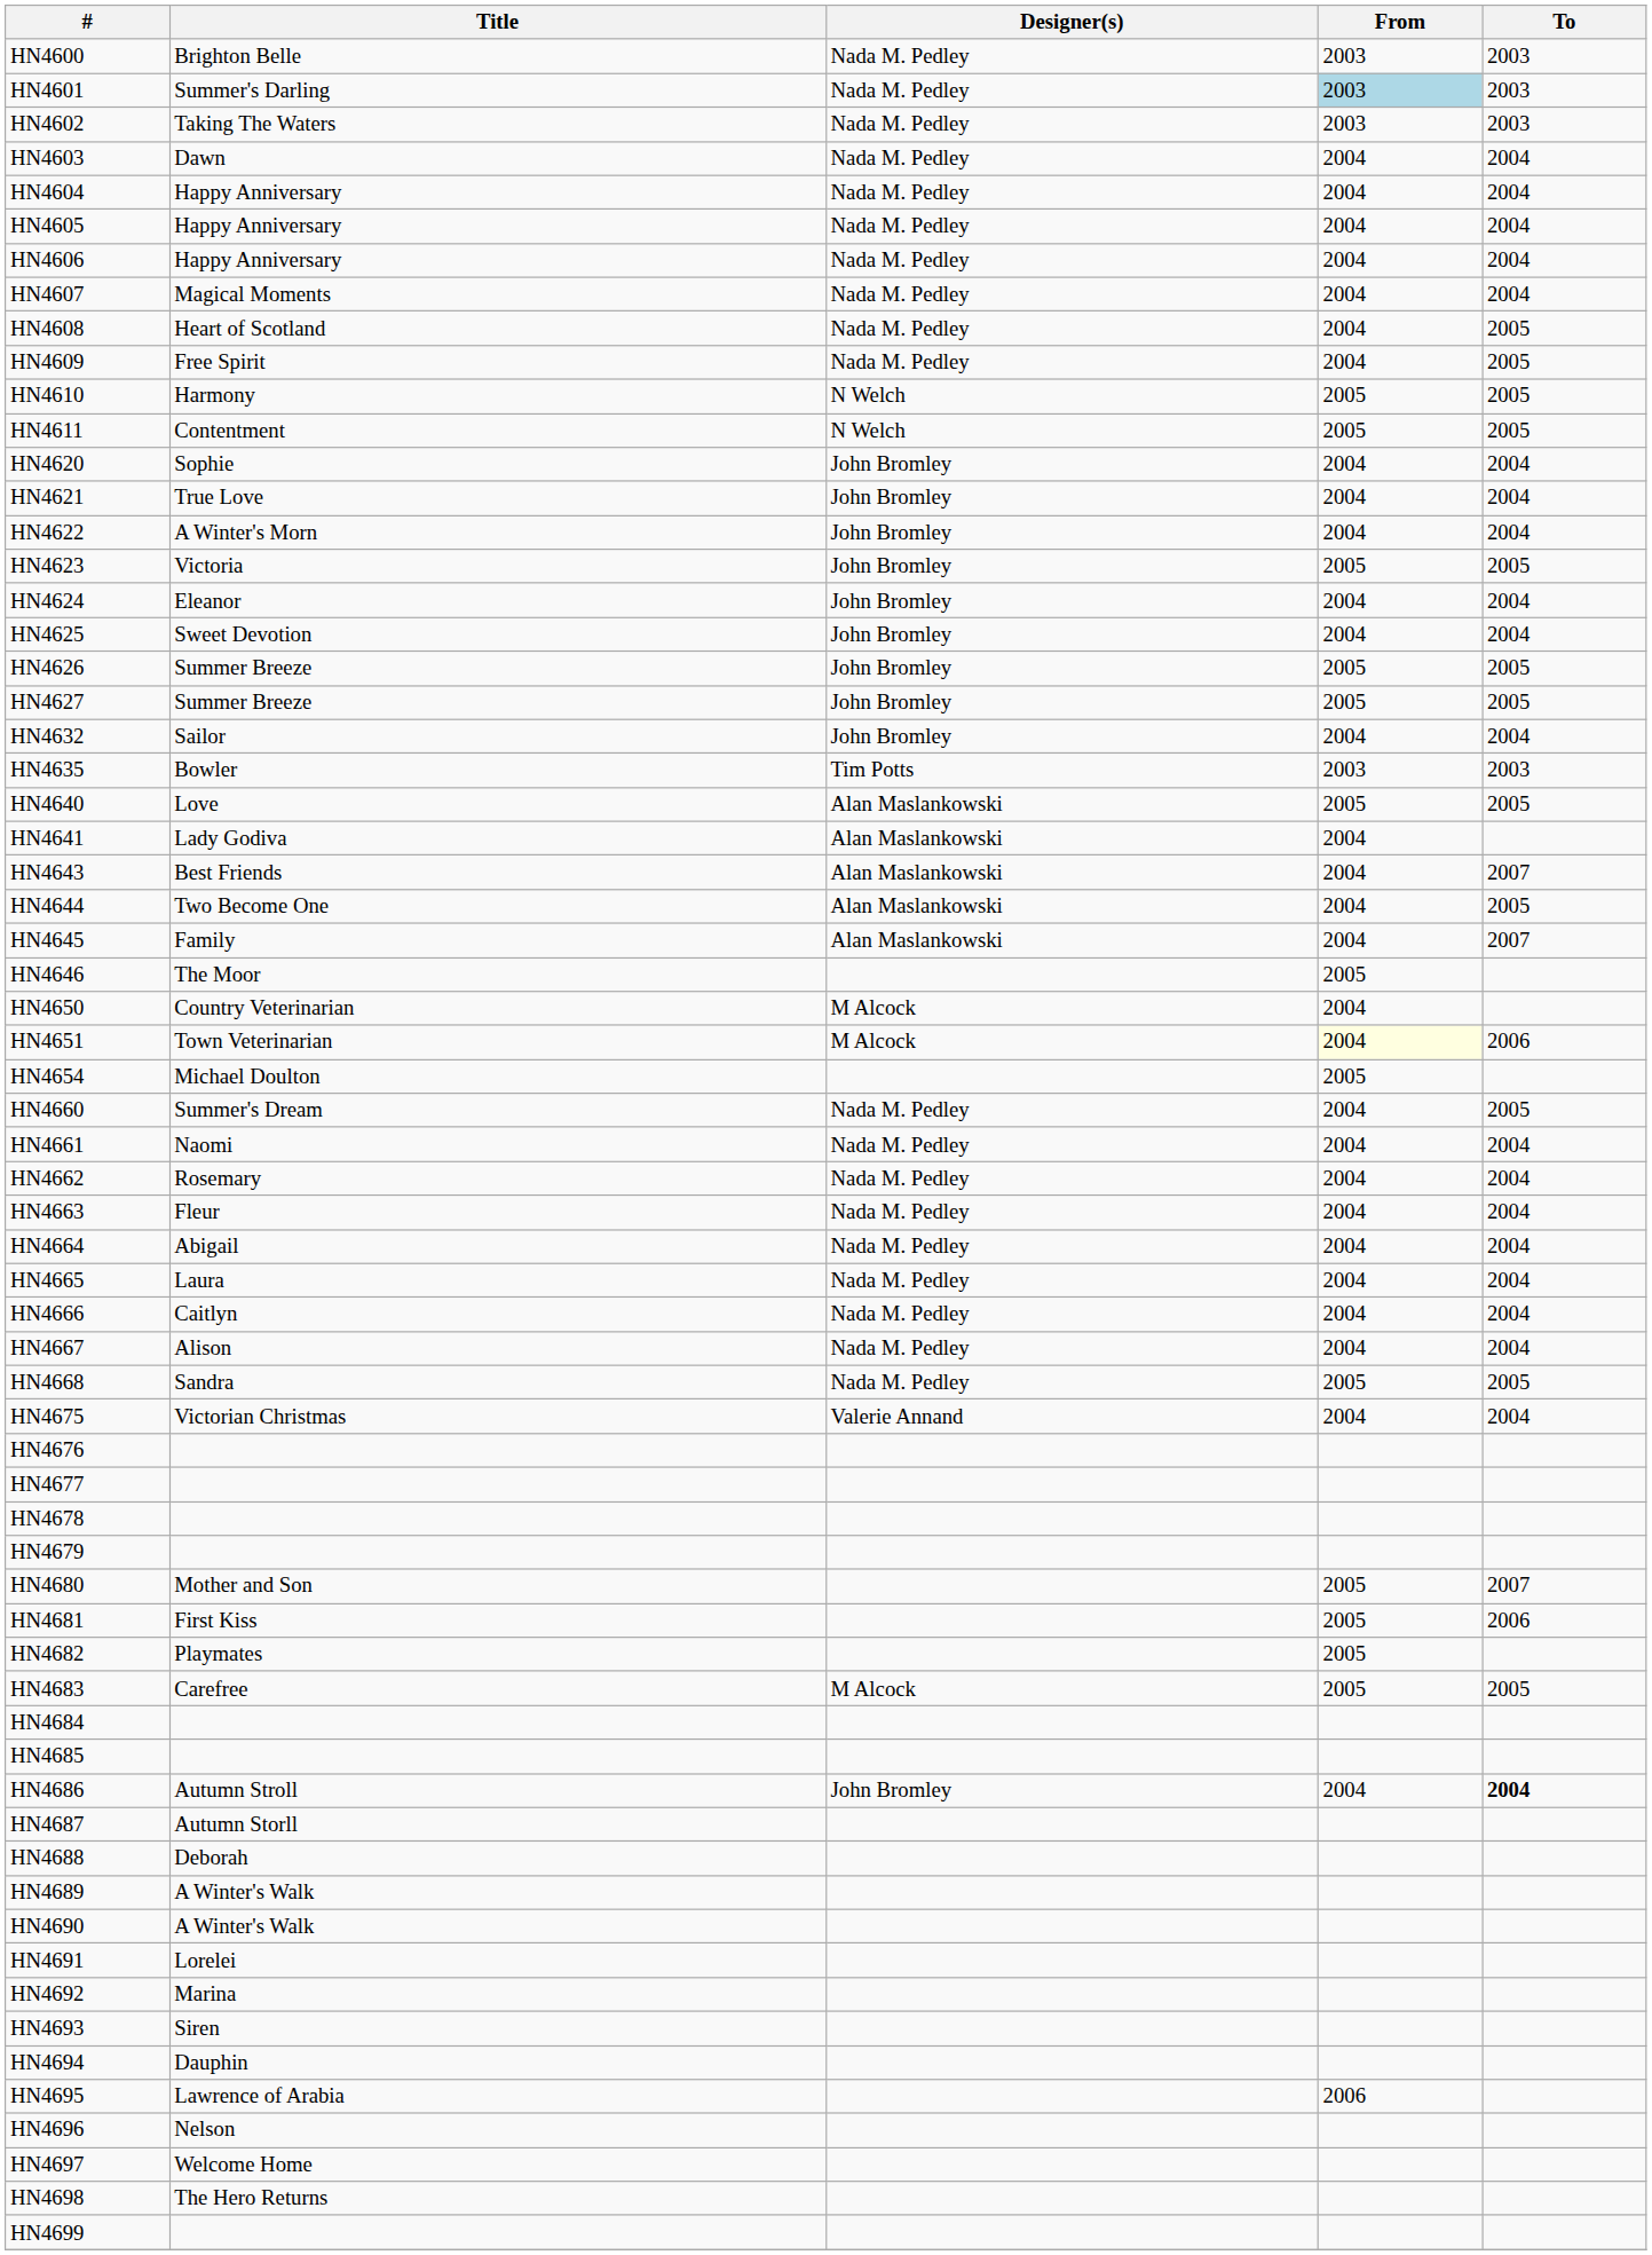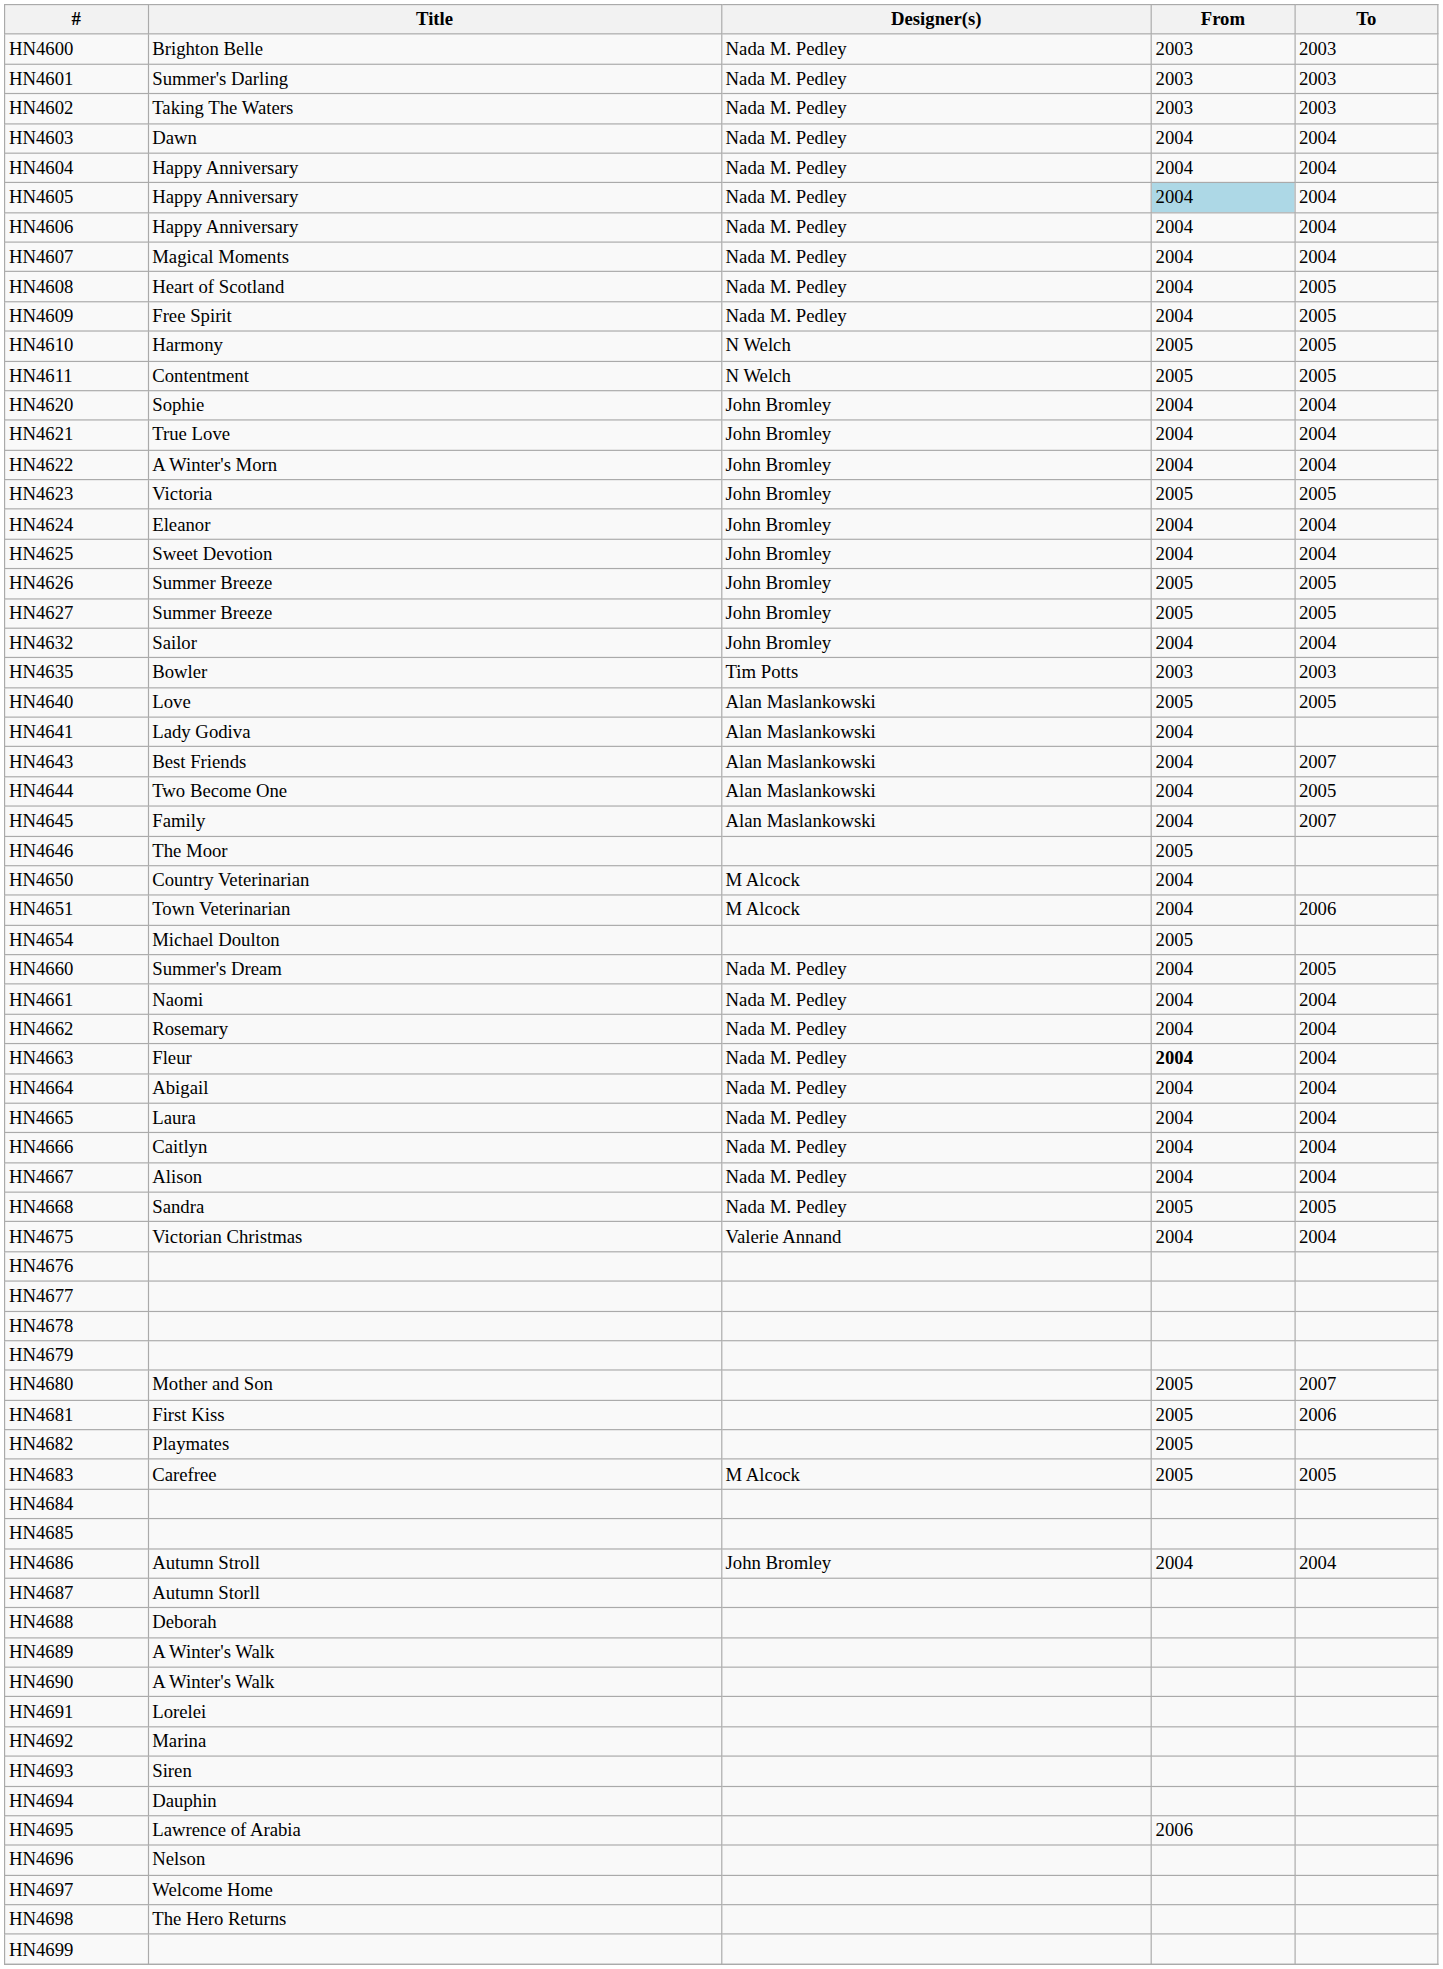 <table class="wikitable collapsible" width="97%" border="1" cellpadding="1" cellspacing="0" align="centre">
 <tr>
 <th width=10%>#</th>
 <th width=40%>Title</th>
 <th width=30%>Designer(s)</th>
 <th width=10%>From</th>
 <th width=10%>To</th>
 </tr>
 <tr>
 <td>HN4600</td>
 <td>Brighton Belle</td>
 <td>Nada M. Pedley</td>
 <td>2003</td>
 <td>2003</td>
 </tr>
 <tr>
 <td>HN4601</td>
 <td>Summer's Darling</td>
 <td>Nada M. Pedley</td>
-<td style="background: lightblue;">2003</td>
+<td>2003</td>
 <td>2003</td>
 </tr>
 <tr>
 <td>HN4602</td>
 <td>Taking The Waters</td>
 <td>Nada M. Pedley</td>
 <td>2003</td>
 <td>2003</td>
 </tr>
 <tr>
 <td>HN4603</td>
 <td>Dawn</td>
 <td>Nada M. Pedley</td>
 <td>2004</td>
 <td>2004</td>
 </tr>
 <tr>
 <td>HN4604</td>
 <td>Happy Anniversary</td>
 <td>Nada M. Pedley</td>
 <td>2004</td>
 <td>2004</td>
 </tr>
 <tr>
 <td>HN4605</td>
 <td>Happy Anniversary</td>
 <td>Nada M. Pedley</td>
-<td>2004</td>
+<td style="background: lightblue;">2004</td>
 <td>2004</td>
 </tr>
 <tr>
 <td>HN4606</td>
 <td>Happy Anniversary</td>
 <td>Nada M. Pedley</td>
 <td>2004</td>
 <td>2004</td>
 </tr>
 <tr>
 <td>HN4607</td>
 <td>Magical Moments</td>
 <td>Nada M. Pedley</td>
 <td>2004</td>
 <td>2004</td>
 </tr>
 <tr>
 <td>HN4608</td>
 <td>Heart of Scotland</td>
 <td>Nada M. Pedley</td>
 <td>2004</td>
 <td>2005</td>
 </tr>
 <tr>
 <td>HN4609</td>
 <td>Free Spirit</td>
 <td>Nada M. Pedley</td>
 <td>2004</td>
 <td>2005</td>
 </tr>
 <tr>
 <td>HN4610</td>
 <td>Harmony</td>
 <td>N Welch</td>
 <td>2005</td>
 <td>2005</td>
 </tr>
 <tr>
 <td>HN4611</td>
 <td>Contentment</td>
 <td>N Welch</td>
 <td>2005</td>
 <td>2005</td>
 </tr>
 <tr>
 <td>HN4620</td>
 <td>Sophie</td>
 <td>John Bromley</td>
 <td>2004</td>
 <td>2004</td>
 </tr>
 <tr>
 <td>HN4621</td>
 <td>True Love</td>
 <td>John Bromley</td>
 <td>2004</td>
 <td>2004</td>
 </tr>
 <tr>
 <td>HN4622</td>
 <td>A Winter's Morn</td>
 <td>John Bromley</td>
 <td>2004</td>
 <td>2004</td>
 </tr>
 <tr>
 <td>HN4623</td>
 <td>Victoria</td>
 <td>John Bromley</td>
 <td>2005</td>
 <td>2005</td>
 </tr>
 <tr>
 <td>HN4624</td>
 <td>Eleanor</td>
 <td>John Bromley</td>
 <td>2004</td>
 <td>2004</td>
 </tr>
 <tr>
 <td>HN4625</td>
 <td>Sweet Devotion</td>
 <td>John Bromley</td>
 <td>2004</td>
 <td>2004</td>
 </tr>
 <tr>
 <td>HN4626</td>
 <td>Summer Breeze</td>
 <td>John Bromley</td>
 <td>2005</td>
 <td>2005</td>
 </tr>
 <tr>
 <td>HN4627</td>
 <td>Summer Breeze</td>
 <td>John Bromley</td>
 <td>2005</td>
 <td>2005</td>
 </tr>
 <tr>
 <td>HN4632</td>
 <td>Sailor</td>
 <td>John Bromley</td>
 <td>2004</td>
 <td>2004</td>
 </tr>
 <tr>
 <td>HN4635</td>
 <td>Bowler</td>
 <td>Tim Potts</td>
 <td>2003</td>
 <td>2003</td>
 </tr>
 <tr>
 <td>HN4640</td>
 <td>Love</td>
 <td>Alan Maslankowski</td>
 <td>2005</td>
 <td>2005</td>
 </tr>
 <tr>
 <td>HN4641</td>
 <td>Lady Godiva</td>
 <td>Alan Maslankowski</td>
 <td>2004</td>
 <td></td>
 </tr>
 <tr>
 <td>HN4643</td>
 <td>Best Friends</td>
 <td>Alan Maslankowski</td>
 <td>2004</td>
 <td>2007</td>
 </tr>
 <tr>
 <td>HN4644</td>
 <td>Two Become One</td>
 <td>Alan Maslankowski</td>
 <td>2004</td>
 <td>2005</td>
 </tr>
 <tr>
 <td>HN4645</td>
 <td>Family</td>
 <td>Alan Maslankowski</td>
 <td>2004</td>
 <td>2007</td>
 </tr>
 <tr>
 <td>HN4646</td>
 <td>The Moor</td>
 <td></td>
 <td>2005</td>
 <td></td>
 </tr>
 <tr>
 <td>HN4650</td>
 <td>Country Veterinarian</td>
 <td>M Alcock</td>
 <td>2004</td>
 <td></td>
 </tr>
 <tr>
 <td>HN4651</td>
 <td>Town Veterinarian</td>
 <td>M Alcock</td>
-<td style="background: lightyellow;">2004</td>
+<td>2004</td>
 <td>2006</td>
 </tr>
 <tr>
 <td>HN4654</td>
 <td>Michael Doulton</td>
 <td></td>
 <td>2005</td>
 <td></td>
 </tr>
 <tr>
 <td>HN4660</td>
 <td>Summer's Dream</td>
 <td>Nada M. Pedley</td>
 <td>2004</td>
 <td>2005</td>
 </tr>
 <tr>
 <td>HN4661</td>
 <td>Naomi</td>
 <td>Nada M. Pedley</td>
 <td>2004</td>
 <td>2004</td>
 </tr>
 <tr>
 <td>HN4662</td>
 <td>Rosemary</td>
 <td>Nada M. Pedley</td>
 <td>2004</td>
 <td>2004</td>
 </tr>
 <tr>
 <td>HN4663</td>
 <td>Fleur</td>
 <td>Nada M. Pedley</td>
-<td>2004</td>
+<td><strong>2004</strong></td>
 <td>2004</td>
 </tr>
 <tr>
 <td>HN4664</td>
 <td>Abigail</td>
 <td>Nada M. Pedley</td>
 <td>2004</td>
 <td>2004</td>
 </tr>
 <tr>
 <td>HN4665</td>
 <td>Laura</td>
 <td>Nada M. Pedley</td>
 <td>2004</td>
 <td>2004</td>
 </tr>
 <tr>
 <td>HN4666</td>
 <td>Caitlyn</td>
 <td>Nada M. Pedley</td>
 <td>2004</td>
 <td>2004</td>
 </tr>
 <tr>
 <td>HN4667</td>
 <td>Alison</td>
 <td>Nada M. Pedley</td>
 <td>2004</td>
 <td>2004</td>
 </tr>
 <tr>
 <td>HN4668</td>
 <td>Sandra</td>
 <td>Nada M. Pedley</td>
 <td>2005</td>
 <td>2005</td>
 </tr>
 <tr>
 <td>HN4675</td>
 <td>Victorian Christmas</td>
 <td>Valerie Annand</td>
 <td>2004</td>
 <td>2004</td>
 </tr>
 <tr>
 <td>HN4676</td>
 <td></td>
 <td></td>
 <td></td>
 <td></td>
 </tr>
 <tr>
 <td>HN4677</td>
 <td></td>
 <td></td>
 <td></td>
 <td></td>
 </tr>
 <tr>
 <td>HN4678</td>
 <td></td>
 <td></td>
 <td></td>
 <td></td>
 </tr>
 <tr>
 <td>HN4679</td>
 <td></td>
 <td></td>
 <td></td>
 <td></td>
 </tr>
 <tr>
 <td>HN4680</td>
 <td>Mother and Son</td>
 <td></td>
 <td>2005</td>
 <td>2007</td>
 </tr>
 <tr>
 <td>HN4681</td>
 <td>First Kiss</td>
 <td></td>
 <td>2005</td>
 <td>2006</td>
 </tr>
 <tr>
 <td>HN4682</td>
 <td>Playmates</td>
 <td></td>
 <td>2005</td>
 <td></td>
 </tr>
 <tr>
 <td>HN4683</td>
 <td>Carefree</td>
 <td>M Alcock</td>
 <td>2005</td>
 <td>2005</td>
 </tr>
 <tr>
 <td>HN4684</td>
 <td></td>
 <td></td>
 <td></td>
 <td></td>
 </tr>
 <tr>
 <td>HN4685</td>
 <td></td>
 <td></td>
 <td></td>
 <td></td>
 </tr>
 <tr>
 <td>HN4686</td>
 <td>Autumn Stroll</td>
 <td>John Bromley</td>
 <td>2004</td>
-<td><strong>2004</strong></td>
+<td>2004</td>
 </tr>
 <tr>
 <td>HN4687</td>
 <td>Autumn Storll</td>
 <td></td>
 <td></td>
 <td></td>
 </tr>
 <tr>
 <td>HN4688</td>
 <td>Deborah</td>
 <td></td>
 <td></td>
 <td></td>
 </tr>
 <tr>
 <td>HN4689</td>
 <td>A Winter's Walk</td>
 <td></td>
 <td></td>
 <td></td>
 </tr>
 <tr>
 <td>HN4690</td>
 <td>A Winter's Walk</td>
 <td></td>
 <td></td>
 <td></td>
 </tr>
 <tr>
 <td>HN4691</td>
 <td>Lorelei</td>
 <td></td>
 <td></td>
 <td></td>
 </tr>
 <tr>
 <td>HN4692</td>
 <td>Marina</td>
 <td></td>
 <td></td>
 <td></td>
 </tr>
 <tr>
 <td>HN4693</td>
 <td>Siren</td>
 <td></td>
 <td></td>
 <td></td>
 </tr>
 <tr>
 <td>HN4694</td>
 <td>Dauphin</td>
 <td></td>
 <td></td>
 <td></td>
 </tr>
 <tr>
 <td>HN4695</td>
 <td>Lawrence of Arabia</td>
 <td></td>
 <td>2006</td>
 <td></td>
 </tr>
 <tr>
 <td>HN4696</td>
 <td>Nelson</td>
 <td></td>
 <td></td>
 <td></td>
 </tr>
 <tr>
 <td>HN4697</td>
 <td>Welcome Home</td>
 <td></td>
 <td></td>
 <td></td>
 </tr>
 <tr>
 <td>HN4698</td>
 <td>The Hero Returns</td>
 <td></td>
 <td></td>
 <td></td>
 </tr>
 <tr>
 <td>HN4699</td>
 <td></td>
 <td></td>
 <td></td>
 <td></td>
 </tr>
 <tr>
 </tr>
 </table>
